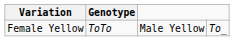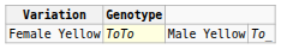 <table class="wikitable" style="margin:1em auto;">
 <tr>
 <th>Variation</th>
 <th>Genotype</th>
 </tr>
 <tr>
 <td>Female Yellow</td>
-<td><em>ToTo</em></td>
+<td style="background: lightyellow;"><em>ToTo</em></td>
 <td>Male Yellow</td>
 <td><em>To_</em></td>
 </tr>
 </table>
